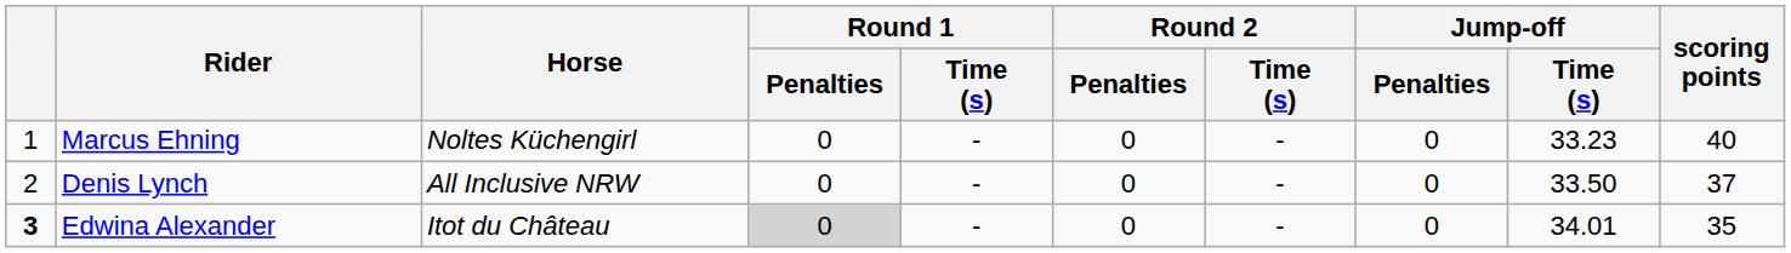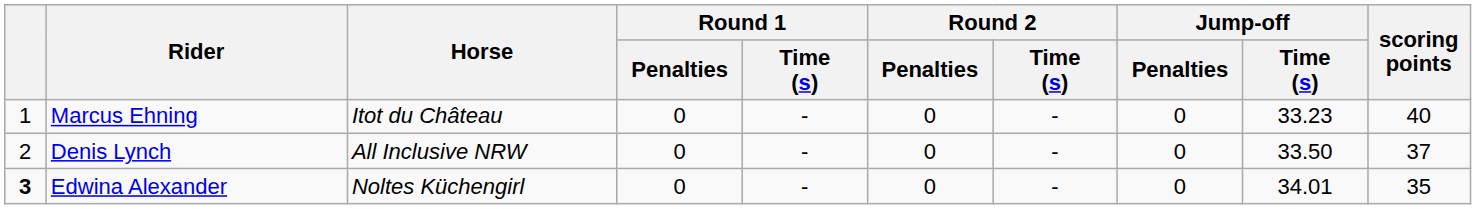 <table class="wikitable" style="font-size: 90%">
 <tr>
 <th rowspan=2 width=20></th>
 <th rowspan=2 width=190>Rider</th>
 <th rowspan=2 width=170>Horse</th>
 <th colspan=2>Round 1</th>
 <th colspan=2>Round 2</th>
 <th colspan=2>Jump-off</th>
 <th rowspan=2 width=60>scoring<br>points</th>
 </tr>
 <tr>
 <th width=75>Penalties</th>
 <th width=75>Time<br>(<a href='#'>s</a>)</th>
 <th width=75>Penalties</th>
 <th width=75>Time<br>(<a href='#'>s</a>)</th>
 <th width=75>Penalties</th>
 <th width=75>Time<br>(<a href='#'>s</a>)</th>
 </tr>
 <tr>
 <td align=center>1</td>
 <td> <a href='#'>Marcus Ehning</a></td>
-<td><em>Noltes Küchengirl</em></td>
+<td><em>Itot du Château</em></td>
 <td align=center>0</td>
 <td align=center>-</td>
 <td align=center>0</td>
 <td align=center>-</td>
 <td align=center>0</td>
 <td align=center>33.23</td>
 <td align=center>40</td>
 </tr>
 <tr>
 <td align=center>2</td>
 <td> <a href='#'>Denis Lynch</a></td>
 <td><em>All Inclusive NRW</em></td>
 <td align=center>0</td>
 <td align=center>-</td>
 <td align=center>0</td>
 <td align=center>-</td>
 <td align=center>0</td>
 <td align=center>33.50</td>
 <td align=center>37</td>
 </tr>
 <tr>
 <td align=center><strong>3</strong></td>
 <td> <a href='#'>Edwina Alexander</a></td>
-<td><em>Itot du Château</em></td>
-<td align=center style="background: lightgrey;">0</td>
+<td><em>Noltes Küchengirl</em></td>
+<td align=center>0</td>
 <td align=center>-</td>
 <td align=center>0</td>
 <td align=center>-</td>
 <td align=center>0</td>
 <td align=center>34.01</td>
 <td align=center>35</td>
 </tr>
 </table>
